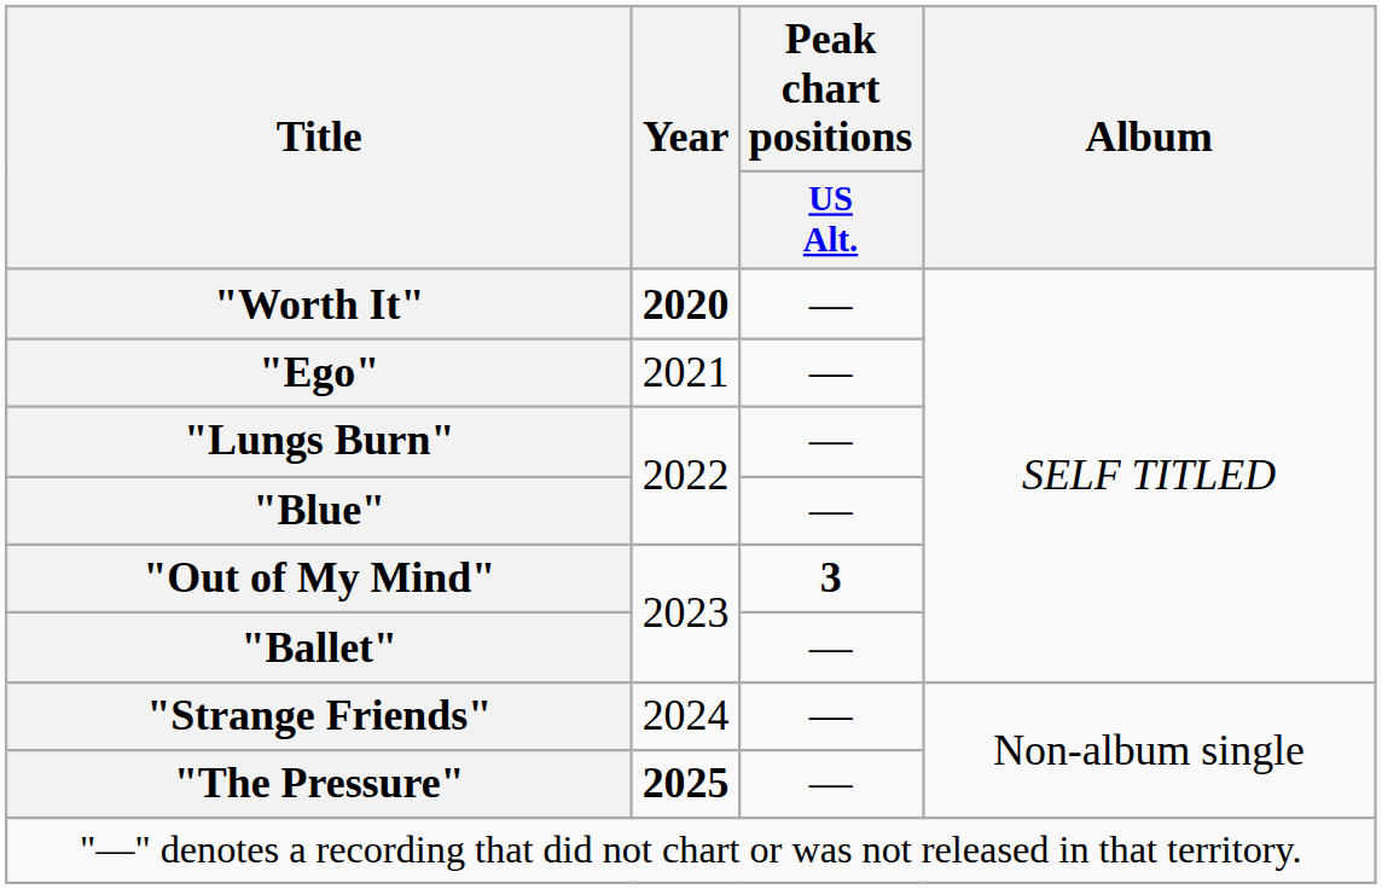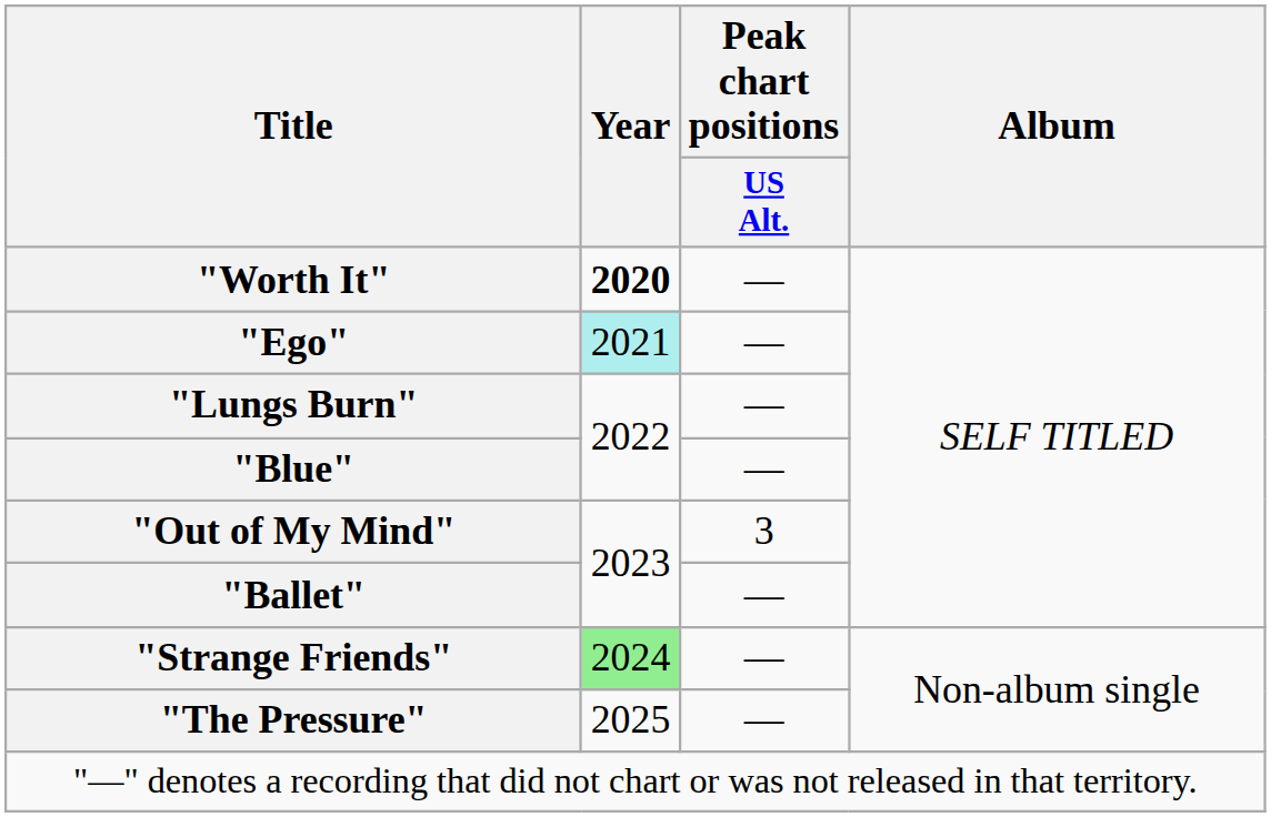 <table class="wikitable plainrowheaders" style="text-align:center;">
 <tr>
 <th scope="col" rowspan="2" style="width:14em;">Title</th>
 <th scope="col" rowspan="2" style="width:1em;">Year</th>
 <th scope="col" colspan="1">Peak chart positions</th>
 <th scope="col" rowspan="2" style="width:10em;">Album</th>
 </tr>
 <tr>
 <th scope="col" style="width:3em;font-size:80%;"><a href='#'>US<br>Alt.</a><br></th>
 </tr>
 <tr>
 <th scope="row">"Worth It"</th>
 <td rowspan="1"><strong>2020</strong></td>
 <td>—</td>
 <td rowspan="6"><em>SELF TITLED</em></td>
 </tr>
 <tr>
 <th scope="row">"Ego"</th>
-<td rowspan="1">2021</td>
+<td rowspan="1" style="background: paleturquoise;">2021</td>
 <td>—</td>
 </tr>
 <tr>
 <th scope="row">"Lungs Burn"</th>
 <td rowspan="2">2022</td>
 <td>—</td>
 </tr>
 <tr>
 <th scope="row">"Blue"</th>
 <td>—</td>
 </tr>
 <tr>
 <th scope="row">"Out of My Mind"</th>
 <td rowspan="2">2023</td>
-<td><strong>3</strong></td>
+<td>3</td>
 </tr>
 <tr>
 <th scope="row">"Ballet"</th>
 <td>—</td>
 </tr>
 <tr>
 <th scope="row">"Strange Friends"</th>
-<td rowspan="1">2024</td>
+<td rowspan="1" style="background: lightgreen;">2024</td>
 <td>—</td>
 <td rowspan="2">Non-album single</td>
 </tr>
 <tr>
 <th scope="row">"The Pressure"</th>
-<td rowspan="1"><strong>2025</strong></td>
+<td rowspan="1">2025</td>
 <td>—</td>
 </tr>
 <tr>
 <td colspan="12" style="font-size:90%">"—" denotes a recording that did not chart or was not released in that territory.</td>
 </tr>
 </table>
